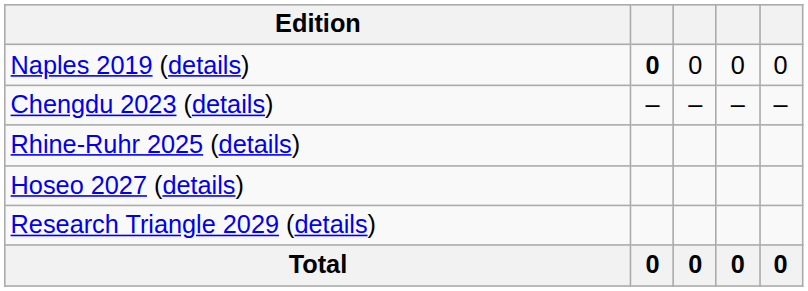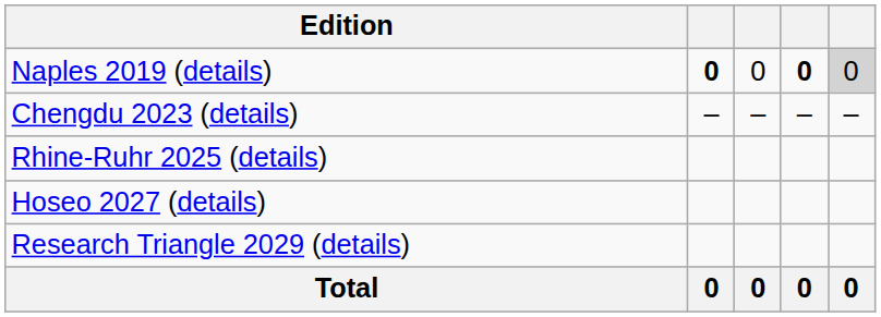 <table class="wikitable" width=40% style="font-size:100%; text-align:center;">
 <tr>
 <th>Edition</th>
 <th></th>
 <th></th>
 <th></th>
 <th></th>
 </tr>
 <tr>
 <td align=left> <a href='#'>Naples 2019</a> (<a href='#'>details</a>)</td>
 <td><strong>0</strong></td>
 <td>0</td>
-<td>0</td>
-<td>0</td>
+<td><strong>0</strong></td>
+<td style="background: lightgrey;">0</td>
 </tr>
 <tr>
 <td align=left> <a href='#'>Chengdu 2023</a> (<a href='#'>details</a>)</td>
 <td>–</td>
 <td>–</td>
 <td>–</td>
 <td>–</td>
 </tr>
 <tr>
 <td align=left> <a href='#'>Rhine-Ruhr 2025</a> (<a href='#'>details</a>)</td>
 <td></td>
 <td></td>
 <td></td>
 <td></td>
 </tr>
 <tr>
 <td align=left> <a href='#'>Hoseo 2027</a> (<a href='#'>details</a>)</td>
 <td></td>
 <td></td>
 <td></td>
 <td></td>
 </tr>
 <tr>
 <td align=left> <a href='#'>Research Triangle 2029</a> (<a href='#'>details</a>)</td>
 <td></td>
 <td></td>
 <td></td>
 <td></td>
 </tr>
 <tr>
 <th align-right>Total</th>
 <th>0</th>
 <th>0</th>
 <th>0</th>
 <th>0</th>
 </tr>
 </table>
